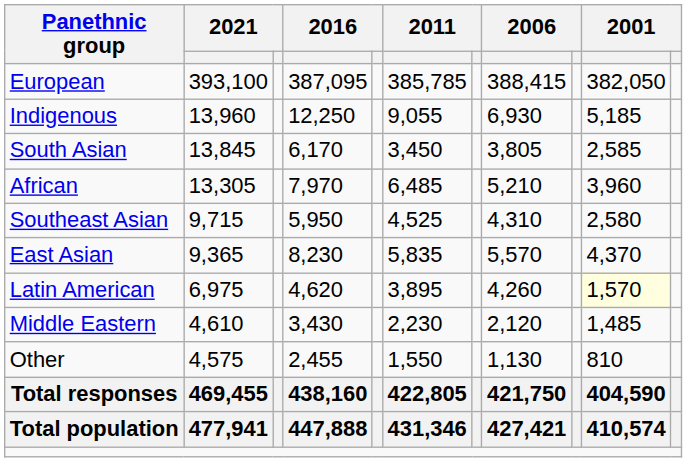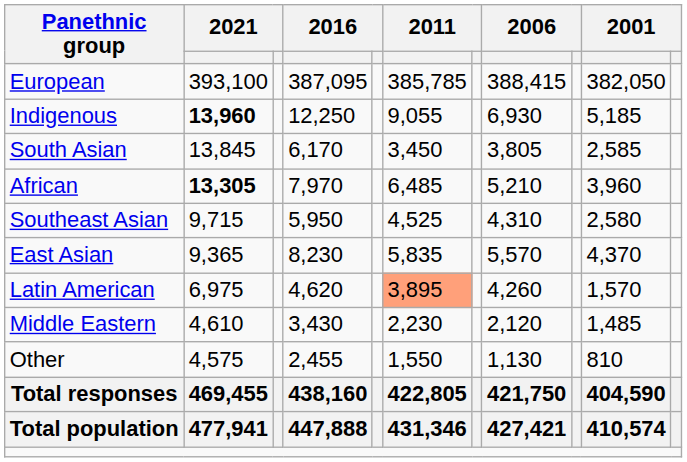 <table class="wikitable collapsible sortable">
 <tr>
 <th rowspan="2"><a href='#'>Panethnic</a><br>group</th>
 <th colspan="2">2021</th>
 <th colspan="2">2016</th>
 <th colspan="2">2011</th>
 <th colspan="2">2006</th>
 <th colspan="2">2001</th>
 </tr>
 <tr>
 <th><a href='#'></a></th>
 <th></th>
 <th></th>
 <th></th>
 <th></th>
 <th></th>
 <th></th>
 <th></th>
 <th></th>
 <th></th>
 </tr>
 <tr>
 <td><a href='#'>European</a></td>
 <td>393,100</td>
 <td></td>
 <td>387,095</td>
 <td></td>
 <td>385,785</td>
 <td></td>
 <td>388,415</td>
 <td></td>
 <td>382,050</td>
 <td></td>
 </tr>
 <tr>
 <td><a href='#'>Indigenous</a></td>
-<td>13,960</td>
+<td><strong>13,960</strong></td>
 <td></td>
 <td>12,250</td>
 <td></td>
 <td>9,055</td>
 <td></td>
 <td>6,930</td>
 <td></td>
 <td>5,185</td>
 <td></td>
 </tr>
 <tr>
 <td><a href='#'>South Asian</a></td>
 <td>13,845</td>
 <td></td>
 <td>6,170</td>
 <td></td>
 <td>3,450</td>
 <td></td>
 <td>3,805</td>
 <td></td>
 <td>2,585</td>
 <td></td>
 </tr>
 <tr>
 <td><a href='#'>African</a></td>
-<td>13,305</td>
+<td><strong>13,305</strong></td>
 <td></td>
 <td>7,970</td>
 <td></td>
 <td>6,485</td>
 <td></td>
 <td>5,210</td>
 <td></td>
 <td>3,960</td>
 <td></td>
 </tr>
 <tr>
 <td><a href='#'>Southeast Asian</a></td>
 <td>9,715</td>
 <td></td>
 <td>5,950</td>
 <td></td>
 <td>4,525</td>
 <td></td>
 <td>4,310</td>
 <td></td>
 <td>2,580</td>
 <td></td>
 </tr>
 <tr>
 <td><a href='#'>East Asian</a></td>
 <td>9,365</td>
 <td></td>
 <td>8,230</td>
 <td></td>
 <td>5,835</td>
 <td></td>
 <td>5,570</td>
 <td></td>
 <td>4,370</td>
 <td></td>
 </tr>
 <tr>
 <td><a href='#'>Latin American</a></td>
 <td>6,975</td>
 <td></td>
 <td>4,620</td>
 <td></td>
-<td>3,895</td>
+<td style="background: lightsalmon;">3,895</td>
 <td></td>
 <td>4,260</td>
 <td></td>
-<td style="background: lightyellow;">1,570</td>
+<td>1,570</td>
 <td></td>
 </tr>
 <tr>
 <td><a href='#'>Middle Eastern</a></td>
 <td>4,610</td>
 <td></td>
 <td>3,430</td>
 <td></td>
 <td>2,230</td>
 <td></td>
 <td>2,120</td>
 <td></td>
 <td>1,485</td>
 <td></td>
 </tr>
 <tr>
 <td>Other</td>
 <td>4,575</td>
 <td></td>
 <td>2,455</td>
 <td></td>
 <td>1,550</td>
 <td></td>
 <td>1,130</td>
 <td></td>
 <td>810</td>
 <td></td>
 </tr>
 <tr>
 <th>Total responses</th>
 <th>469,455</th>
 <th></th>
 <th>438,160</th>
 <th></th>
 <th>422,805</th>
 <th></th>
 <th>421,750</th>
 <th></th>
 <th>404,590</th>
 <th></th>
 </tr>
 <tr>
 <th>Total population</th>
 <th>477,941</th>
 <th></th>
 <th>447,888</th>
 <th></th>
 <th>431,346</th>
 <th></th>
 <th>427,421</th>
 <th></th>
 <th>410,574</th>
 <th></th>
 </tr>
 <tr class="sortbottom">
 <td colspan="15"></td>
 </tr>
 </table>
